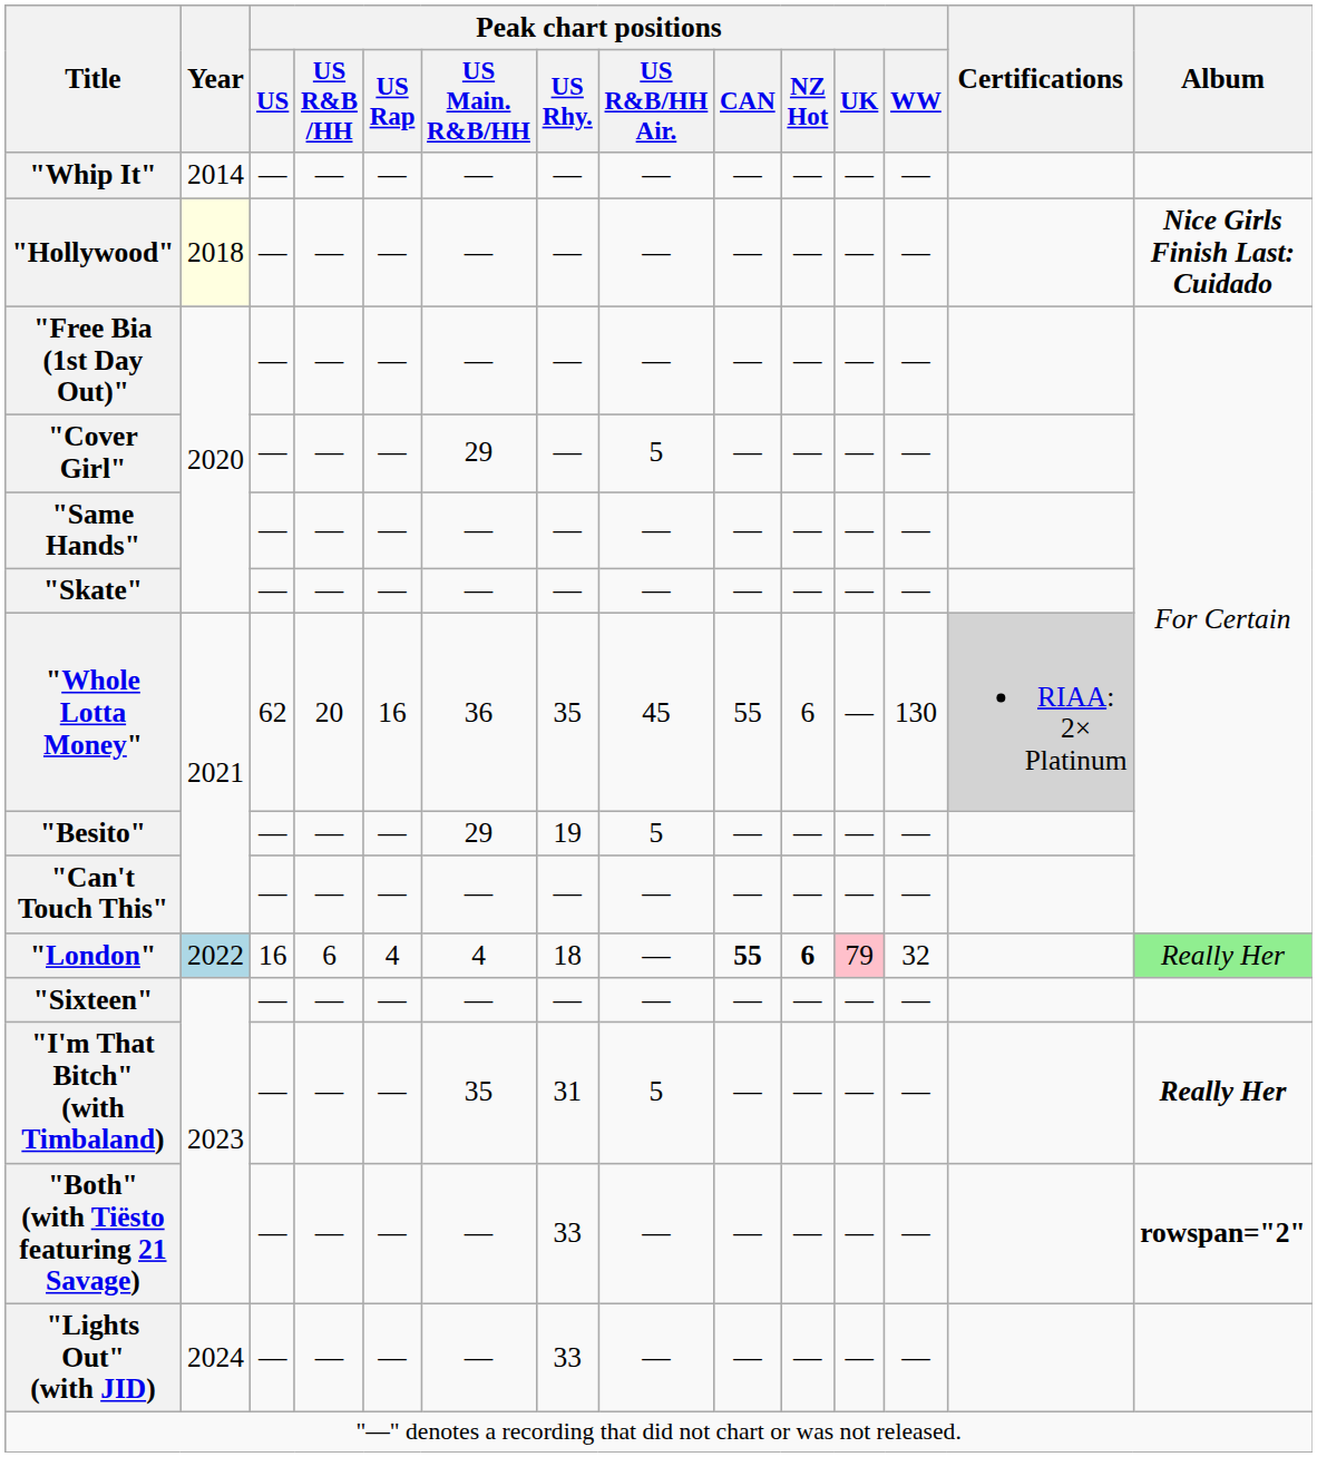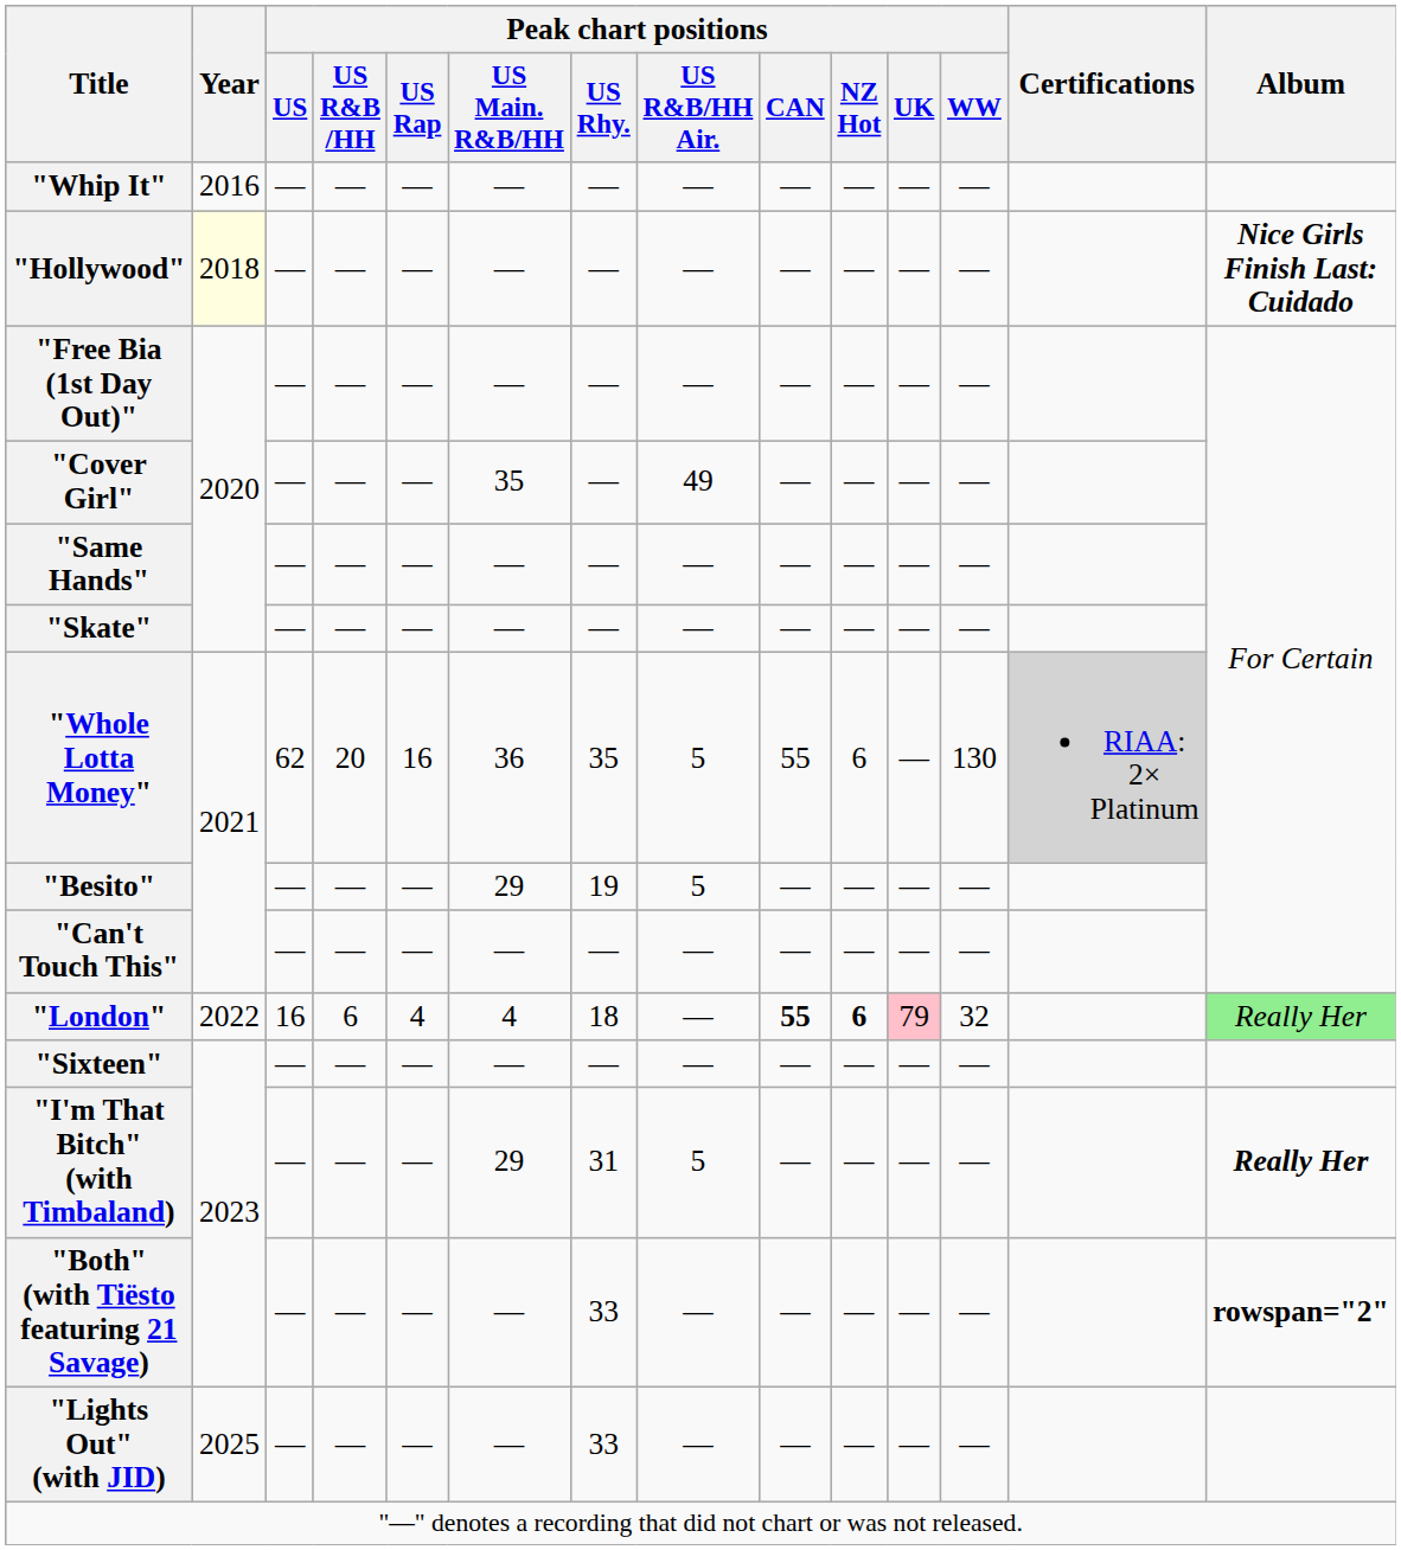 <table class="wikitable plainrowheaders" style="text-align:center;">
 <tr>
 <th scope="col" rowspan="2">Title</th>
 <th scope="col" rowspan="2">Year</th>
 <th colspan="10" scope="col">Peak chart positions</th>
 <th rowspan="2">Certifications</th>
 <th scope="col" rowspan="2">Album</th>
 </tr>
 <tr>
 <th scope="col" style="width:3em;font-size:90%;"><a href='#'>US</a><br></th>
 <th scope="col" style="width:3em;font-size:90%;"><a href='#'>US<br>R&B<br>/HH</a><br></th>
 <th scope="col" style="width:3em;font-size:90%;"><a href='#'>US<br>Rap</a><br></th>
 <th scope="col" style="width:3em;font-size:90%;"><a href='#'>US<br>Main.<br>R&B/HH</a><br></th>
 <th scope="col" style="width:3em;font-size:90%;"><a href='#'>US<br>Rhy.</a><br></th>
 <th scope="col" style="width:3em;font-size:90%;"><a href='#'>US<br>R&B/HH<br>Air.</a><br></th>
 <th scope="col" style="width:3em;font-size:90%;"><a href='#'>CAN</a><br></th>
 <th scope="col" style="width:3em;font-size:90%;"><a href='#'>NZ<br>Hot</a><br></th>
 <th scope="col" style="width:3em;font-size:90%;"><a href='#'>UK</a><br></th>
 <th scope="col" style="width:3em;font-size:90%;"><a href='#'>WW</a><br></th>
 </tr>
 <tr>
 <th scope="row">"Whip It"</th>
-<td>2014</td>
+<td>2016</td>
 <td>—</td>
 <td>—</td>
 <td>—</td>
 <td>—</td>
 <td>—</td>
 <td>—</td>
 <td>—</td>
 <td>—</td>
 <td>—</td>
 <td>—</td>
 <td></td>
 <td></td>
 </tr>
 <tr>
 <th scope="row">"Hollywood"</th>
 <td style="background: lightyellow;">2018</td>
 <td>—</td>
 <td>—</td>
 <td>—</td>
 <td>—</td>
 <td>—</td>
 <td>—</td>
 <td>—</td>
 <td>—</td>
 <td>—</td>
 <td>—</td>
 <td></td>
 <td><strong><em>Nice Girls Finish Last: Cuidado</em></strong></td>
 </tr>
 <tr>
 <th scope="row">"Free Bia (1st Day Out)"</th>
 <td rowspan="4">2020</td>
 <td>—</td>
 <td>—</td>
 <td>—</td>
 <td>—</td>
 <td>—</td>
 <td>—</td>
 <td>—</td>
 <td>—</td>
 <td>—</td>
 <td>—</td>
 <td></td>
 <td rowspan="7"><em>For Certain</em></td>
 </tr>
 <tr>
 <th scope="row">"Cover Girl"</th>
 <td>—</td>
 <td>—</td>
 <td>—</td>
-<td>29</td>
+<td>35</td>
 <td>—</td>
-<td>5</td>
+<td>49</td>
 <td>—</td>
 <td>—</td>
 <td>—</td>
 <td>—</td>
 <td></td>
 </tr>
 <tr>
 <th scope="row">"Same Hands"<br></th>
 <td>—</td>
 <td>—</td>
 <td>—</td>
 <td>—</td>
 <td>—</td>
 <td>—</td>
 <td>—</td>
 <td>—</td>
 <td>—</td>
 <td>—</td>
 <td></td>
 </tr>
 <tr>
 <th scope="row">"Skate"</th>
 <td>—</td>
 <td>—</td>
 <td>—</td>
 <td>—</td>
 <td>—</td>
 <td>—</td>
 <td>—</td>
 <td>—</td>
 <td>—</td>
 <td>—</td>
 <td></td>
 </tr>
 <tr>
 <th scope="row">"<a href='#'>Whole Lotta Money</a>"<br></th>
 <td rowspan="3">2021</td>
 <td>62</td>
 <td>20</td>
 <td>16</td>
 <td>36</td>
 <td>35</td>
-<td>45</td>
+<td>5</td>
 <td>55</td>
 <td>6</td>
 <td>—</td>
 <td>130</td>
 <td style="background: lightgrey;"><br><ul><li><a href='#'>RIAA</a>: 2× Platinum</li></ul></td>
 </tr>
 <tr>
 <th scope="row">"Besito"<br></th>
 <td>—</td>
 <td>—</td>
 <td>—</td>
 <td>29</td>
 <td>19</td>
 <td>5</td>
 <td>—</td>
 <td>—</td>
 <td>—</td>
 <td>—</td>
 <td></td>
 </tr>
 <tr>
 <th scope="row">"Can't Touch This"</th>
 <td>—</td>
 <td>—</td>
 <td>—</td>
 <td>—</td>
 <td>—</td>
 <td>—</td>
 <td>—</td>
 <td>—</td>
 <td>—</td>
 <td>—</td>
 <td></td>
 </tr>
 <tr>
 <th scope="row">"<a href='#'>London</a>"<br></th>
-<td style="background: lightblue;">2022</td>
+<td>2022</td>
 <td>16</td>
 <td>6</td>
 <td>4</td>
 <td>4</td>
 <td>18</td>
 <td>—</td>
 <td><strong>55</strong></td>
 <td><strong>6</strong></td>
 <td style="background: pink;">79</td>
 <td>32</td>
 <td></td>
 <td style="background: lightgreen;"><em>Really Her</em></td>
 </tr>
 <tr>
 <th scope="row">"Sixteen"<br></th>
 <td rowspan="3">2023</td>
 <td>—</td>
 <td>—</td>
 <td>—</td>
 <td>—</td>
 <td>—</td>
 <td>—</td>
 <td>—</td>
 <td>—</td>
 <td>—</td>
 <td>—</td>
 <td></td>
 <td></td>
 </tr>
 <tr>
 <th scope="row">"I'm That Bitch"<br><span>(with <a href='#'>Timbaland</a>)</span></th>
 <td>—</td>
 <td>—</td>
 <td>—</td>
-<td>35</td>
+<td>29</td>
 <td>31</td>
 <td>5</td>
 <td>—</td>
 <td>—</td>
 <td>—</td>
 <td>—</td>
 <td></td>
 <td><strong><em>Really Her</em></strong></td>
 </tr>
 <tr>
 <th scope="row">"Both"<br><span>(with <a href='#'>Tiësto</a> featuring <a href='#'>21 Savage</a>)</span></th>
 <td>—</td>
 <td>—</td>
 <td>—</td>
 <td>—</td>
 <td>33</td>
 <td>—</td>
 <td>—</td>
 <td>—</td>
 <td>—</td>
 <td>—</td>
 <td></td>
 <td><strong>rowspan="2" </strong></td>
 </tr>
 <tr>
 <th scope="row">"Lights Out"<br><span>(with <a href='#'>JID</a>)</span></th>
-<td>2024</td>
+<td>2025</td>
 <td>—</td>
 <td>—</td>
 <td>—</td>
 <td>—</td>
 <td>33</td>
 <td>—</td>
 <td>—</td>
 <td>—</td>
 <td>—</td>
 <td>—</td>
 <td></td>
 </tr>
 <tr>
 <td colspan="14" style="font-size:85%">"—" denotes a recording that did not chart or was not released.</td>
 </tr>
 </table>
